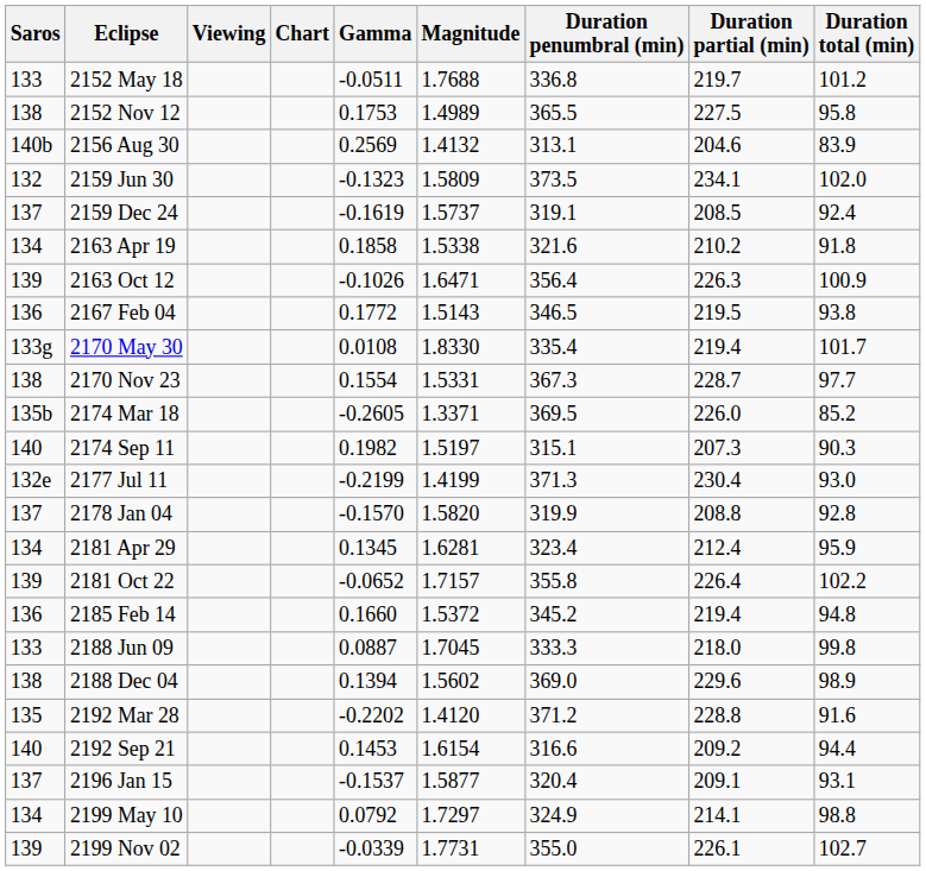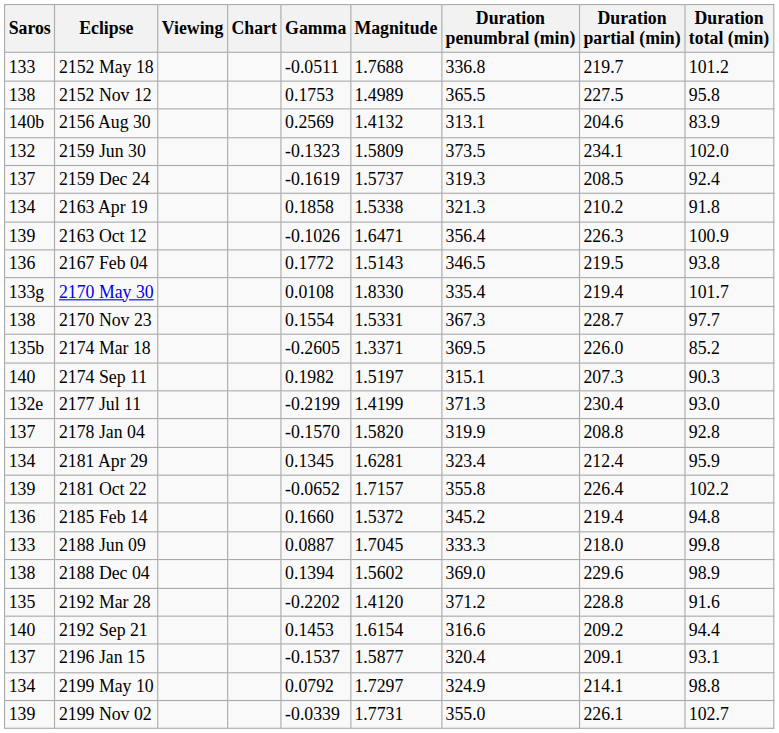 <table class="wikitable sortable">
 <tr>
 <th>Saros</th>
 <th>Eclipse</th>
 <th>Viewing</th>
 <th>Chart</th>
 <th>Gamma</th>
 <th>Magnitude</th>
 <th>Duration<br>penumbral (min)</th>
 <th>Duration<br>partial (min)</th>
 <th>Duration<br>total (min)</th>
 </tr>
 <tr>
 <td>133</td>
 <td>2152 May 18</td>
 <td></td>
 <td></td>
 <td>-0.0511</td>
 <td>1.7688</td>
 <td>336.8</td>
 <td>219.7</td>
 <td>101.2</td>
 </tr>
 <tr>
 <td>138</td>
 <td>2152 Nov 12</td>
 <td></td>
 <td></td>
 <td>0.1753</td>
 <td>1.4989</td>
 <td>365.5</td>
 <td>227.5</td>
 <td>95.8</td>
 </tr>
 <tr>
 <td>140b</td>
 <td>2156 Aug 30</td>
 <td></td>
 <td></td>
 <td>0.2569</td>
 <td>1.4132</td>
 <td>313.1</td>
 <td>204.6</td>
 <td>83.9</td>
 </tr>
 <tr>
 <td>132</td>
 <td>2159 Jun 30</td>
 <td></td>
 <td></td>
 <td>-0.1323</td>
 <td>1.5809</td>
 <td>373.5</td>
 <td>234.1</td>
 <td>102.0</td>
 </tr>
 <tr>
 <td>137</td>
 <td>2159 Dec 24</td>
 <td></td>
 <td></td>
 <td>-0.1619</td>
 <td>1.5737</td>
-<td>319.1</td>
+<td>319.3</td>
 <td>208.5</td>
 <td>92.4</td>
 </tr>
 <tr>
 <td>134</td>
 <td>2163 Apr 19</td>
 <td></td>
 <td></td>
 <td>0.1858</td>
 <td>1.5338</td>
-<td>321.6</td>
+<td>321.3</td>
 <td>210.2</td>
 <td>91.8</td>
 </tr>
 <tr>
 <td>139</td>
 <td>2163 Oct 12</td>
 <td></td>
 <td></td>
 <td>-0.1026</td>
 <td>1.6471</td>
 <td>356.4</td>
 <td>226.3</td>
 <td>100.9</td>
 </tr>
 <tr>
 <td>136</td>
 <td>2167 Feb 04</td>
 <td></td>
 <td></td>
 <td>0.1772</td>
 <td>1.5143</td>
 <td>346.5</td>
 <td>219.5</td>
 <td>93.8</td>
 </tr>
 <tr>
 <td>133g</td>
 <td><a href='#'>2170 May 30</a></td>
 <td></td>
 <td></td>
 <td>0.0108</td>
 <td>1.8330</td>
 <td>335.4</td>
 <td>219.4</td>
 <td>101.7</td>
 </tr>
 <tr>
 <td>138</td>
 <td>2170 Nov 23</td>
 <td></td>
 <td></td>
 <td>0.1554</td>
 <td>1.5331</td>
 <td>367.3</td>
 <td>228.7</td>
 <td>97.7</td>
 </tr>
 <tr>
 <td>135b</td>
 <td>2174 Mar 18</td>
 <td></td>
 <td></td>
 <td>-0.2605</td>
 <td>1.3371</td>
 <td>369.5</td>
 <td>226.0</td>
 <td>85.2</td>
 </tr>
 <tr>
 <td>140</td>
 <td>2174 Sep 11</td>
 <td></td>
 <td></td>
 <td>0.1982</td>
 <td>1.5197</td>
 <td>315.1</td>
 <td>207.3</td>
 <td>90.3</td>
 </tr>
 <tr>
 <td>132e</td>
 <td>2177 Jul 11</td>
 <td></td>
 <td></td>
 <td>-0.2199</td>
 <td>1.4199</td>
 <td>371.3</td>
 <td>230.4</td>
 <td>93.0</td>
 </tr>
 <tr>
 <td>137</td>
 <td>2178 Jan 04</td>
 <td></td>
 <td></td>
 <td>-0.1570</td>
 <td>1.5820</td>
 <td>319.9</td>
 <td>208.8</td>
 <td>92.8</td>
 </tr>
 <tr>
 <td>134</td>
 <td>2181 Apr 29</td>
 <td></td>
 <td></td>
 <td>0.1345</td>
 <td>1.6281</td>
 <td>323.4</td>
 <td>212.4</td>
 <td>95.9</td>
 </tr>
 <tr>
 <td>139</td>
 <td>2181 Oct 22</td>
 <td></td>
 <td></td>
 <td>-0.0652</td>
 <td>1.7157</td>
 <td>355.8</td>
 <td>226.4</td>
 <td>102.2</td>
 </tr>
 <tr>
 <td>136</td>
 <td>2185 Feb 14</td>
 <td></td>
 <td></td>
 <td>0.1660</td>
 <td>1.5372</td>
 <td>345.2</td>
 <td>219.4</td>
 <td>94.8</td>
 </tr>
 <tr>
 <td>133</td>
 <td>2188 Jun 09</td>
 <td></td>
 <td></td>
 <td>0.0887</td>
 <td>1.7045</td>
 <td>333.3</td>
 <td>218.0</td>
 <td>99.8</td>
 </tr>
 <tr>
 <td>138</td>
 <td>2188 Dec 04</td>
 <td></td>
 <td></td>
 <td>0.1394</td>
 <td>1.5602</td>
 <td>369.0</td>
 <td>229.6</td>
 <td>98.9</td>
 </tr>
 <tr>
 <td>135</td>
 <td>2192 Mar 28</td>
 <td></td>
 <td></td>
 <td>-0.2202</td>
 <td>1.4120</td>
 <td>371.2</td>
 <td>228.8</td>
 <td>91.6</td>
 </tr>
 <tr>
 <td>140</td>
 <td>2192 Sep 21</td>
 <td></td>
 <td></td>
 <td>0.1453</td>
 <td>1.6154</td>
 <td>316.6</td>
 <td>209.2</td>
 <td>94.4</td>
 </tr>
 <tr>
 <td>137</td>
 <td>2196 Jan 15</td>
 <td></td>
 <td></td>
 <td>-0.1537</td>
 <td>1.5877</td>
 <td>320.4</td>
 <td>209.1</td>
 <td>93.1</td>
 </tr>
 <tr>
 <td>134</td>
 <td>2199 May 10</td>
 <td></td>
 <td></td>
 <td>0.0792</td>
 <td>1.7297</td>
 <td>324.9</td>
 <td>214.1</td>
 <td>98.8</td>
 </tr>
 <tr>
 <td>139</td>
 <td>2199 Nov 02</td>
 <td></td>
 <td></td>
 <td>-0.0339</td>
 <td>1.7731</td>
 <td>355.0</td>
 <td>226.1</td>
 <td>102.7</td>
 </tr>
 </table>
